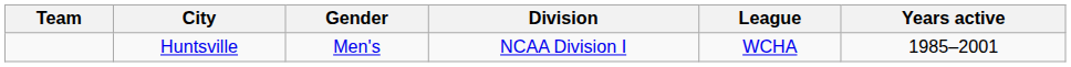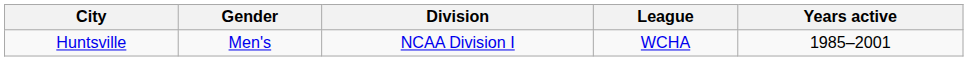 <table class="wikitable sortable" width="60%">
 <tr>
-<th>Team</th>
 <th>City</th>
 <th>Gender</th>
 <th>Division</th>
 <th>League</th>
 <th>Years active</th>
 </tr>
 <tr align=center>
-<td><strong><a href='#'></a></strong></td>
 <td><a href='#'>Huntsville</a></td>
 <td><a href='#'>Men's</a></td>
 <td><a href='#'>NCAA Division I</a></td>
 <td><a href='#'>WCHA</a></td>
 <td>1985–2001</td>
 </tr>
 </table>
